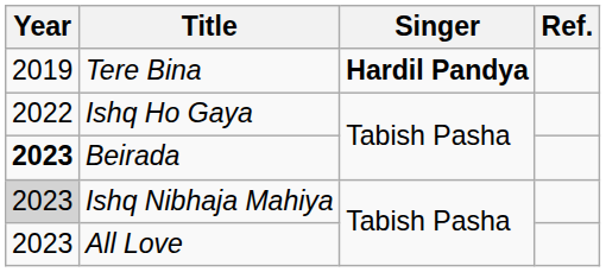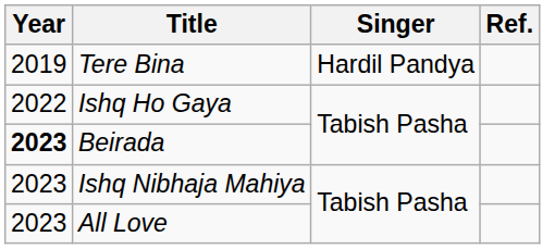 <table class="wikitable">
 <tr>
 <th>Year</th>
 <th>Title</th>
 <th>Singer</th>
 <th>Ref.</th>
 </tr>
 <tr>
 <td>2019</td>
 <td><em>Tere Bina</em></td>
-<td><strong>Hardil Pandya</strong></td>
+<td>Hardil Pandya</td>
 <td></td>
 </tr>
 <tr>
 <td>2022</td>
 <td><em>Ishq Ho Gaya</em></td>
 <td rowspan="2">Tabish Pasha</td>
 <td></td>
 </tr>
 <tr>
 <td><strong>2023</strong></td>
 <td><em>Beirada</em></td>
 <td></td>
 </tr>
 <tr>
-<td style="background: lightgrey;">2023</td>
+<td>2023</td>
 <td><em>Ishq Nibhaja Mahiya</em></td>
 <td rowspan="2">Tabish Pasha</td>
 <td></td>
 </tr>
 <tr>
 <td>2023</td>
 <td><em>All Love</em></td>
 <td></td>
 </tr>
 </table>
